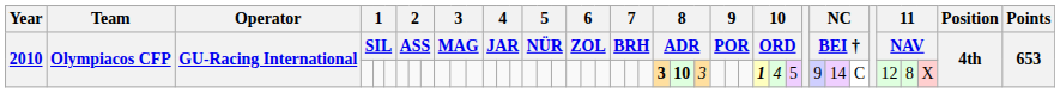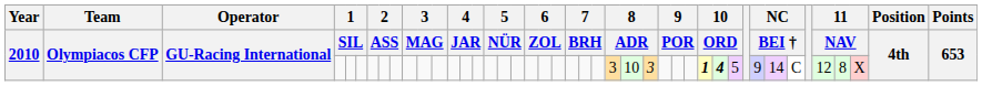 <table class="wikitable" style="text-align:center; font-size:85%">
 <tr>
 <th>Year</th>
 <th>Team</th>
 <th>Operator</th>
 <th colspan=3>1</th>
 <th colspan=3>2</th>
 <th colspan=3>3</th>
 <th colspan=3>4</th>
 <th colspan=3>5</th>
 <th colspan=3>6</th>
 <th colspan=3>7</th>
 <th colspan=3>8</th>
 <th colspan=3>9</th>
 <th colspan=3>10</th>
 <th rowspan=3></th>
 <th colspan=3>NC</th>
 <th rowspan=3></th>
 <th colspan=3>11</th>
 <th>Position</th>
 <th>Points</th>
 </tr>
 <tr>
 <th rowspan=2><a href='#'>2010</a></th>
 <th rowspan=2 nowrap><a href='#'>Olympiacos CFP</a></th>
 <th rowspan=2 nowrap><a href='#'>GU-Racing International</a></th>
 <th colspan=3><a href='#'>SIL</a></th>
 <th colspan=3><a href='#'>ASS</a></th>
 <th colspan=3><a href='#'>MAG</a></th>
 <th colspan=3><a href='#'>JAR</a></th>
 <th colspan=3><a href='#'>NÜR</a></th>
 <th colspan=3><a href='#'>ZOL</a></th>
 <th colspan=3><a href='#'>BRH</a></th>
 <th colspan=3><a href='#'>ADR</a></th>
 <th colspan=3><a href='#'>POR</a></th>
 <th colspan=3><a href='#'>ORD</a></th>
 <th colspan=3><a href='#'>BEI</a> †</th>
 <th colspan=3><a href='#'>NAV</a></th>
 <th rowspan=2>4th</th>
 <th rowspan=2>653</th>
 </tr>
 <tr>
 <td></td>
 <td></td>
 <td></td>
 <td></td>
 <td></td>
 <td></td>
 <td></td>
 <td></td>
 <td></td>
 <td></td>
 <td></td>
 <td></td>
 <td></td>
 <td></td>
 <td></td>
 <td></td>
 <td></td>
 <td></td>
 <td></td>
 <td></td>
 <td></td>
-<td style="background:#ffdf9f;"><strong>3</strong></td>
-<td style="background:#dfffdf;"><strong>10</strong></td>
+<td style="background:#ffdf9f;">3</td>
+<td style="background:#dfffdf;">10</td>
 <td style="background:#ffdf9f;"><em>3</em></td>
 <td></td>
 <td></td>
 <td></td>
 <td style="background:#ffffbf;"><strong><em>1</em></strong></td>
-<td style="background:#dfffdf;"><em>4</em></td>
+<td style="background:#dfffdf;"><strong><em>4</em></strong></td>
 <td style="background:#efcfff;">5</td>
 <td style="background:#cfcfff;">9</td>
 <td style="background:#efcfff;">14</td>
 <td style="background:#ffffff;">C</td>
 <td style="background:#dfffdf;">12</td>
 <td style="background:#dfffdf;">8</td>
 <td style="background:#ffcfcf;">X</td>
 </tr>
 </table>
